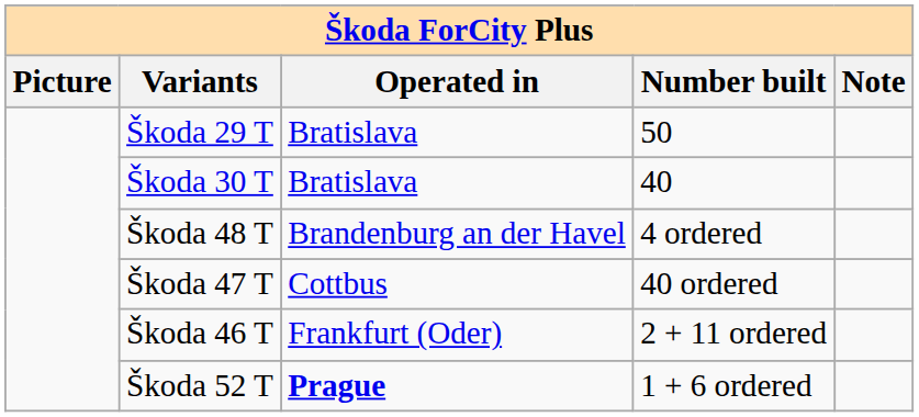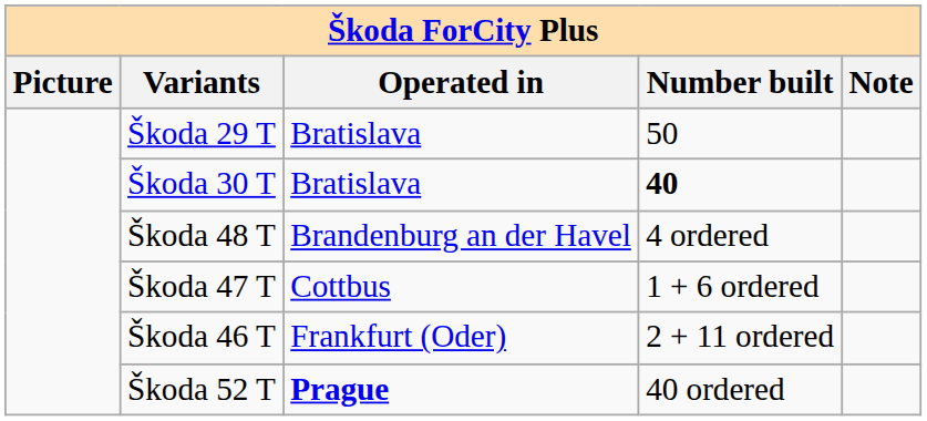 <table class="wikitable">
 <tr>
 <th colspan="5" style="background: #ffdead;"><a href='#'>Škoda ForCity</a> Plus</th>
 </tr>
 <tr>
 <th>Picture</th>
 <th>Variants</th>
 <th>Operated in</th>
 <th>Number built</th>
 <th>Note</th>
 </tr>
 <tr>
 <td rowspan="6"></td>
 <td><a href='#'>Škoda 29 T</a></td>
 <td> <a href='#'>Bratislava</a></td>
 <td>50</td>
 <td></td>
 </tr>
 <tr>
 <td><a href='#'>Škoda 30 T</a></td>
 <td> <a href='#'>Bratislava</a></td>
-<td>40</td>
+<td><strong>40</strong></td>
 <td></td>
 </tr>
 <tr>
 <td>Škoda 48 T</td>
 <td> <a href='#'>Brandenburg an der Havel</a></td>
 <td>4 ordered</td>
 <td></td>
 </tr>
 <tr>
 <td>Škoda 47 T</td>
 <td> <a href='#'>Cottbus</a></td>
-<td>40 ordered</td>
+<td>1 + 6 ordered</td>
 <td></td>
 </tr>
 <tr>
 <td>Škoda 46 T</td>
 <td> <a href='#'>Frankfurt (Oder)</a></td>
 <td>2 + 11 ordered</td>
 <td></td>
 </tr>
 <tr>
 <td>Škoda 52 T</td>
 <td><strong> <a href='#'>Prague</a></strong></td>
-<td>1 + 6 ordered</td>
+<td>40 ordered</td>
 <td></td>
 </tr>
 </table>
